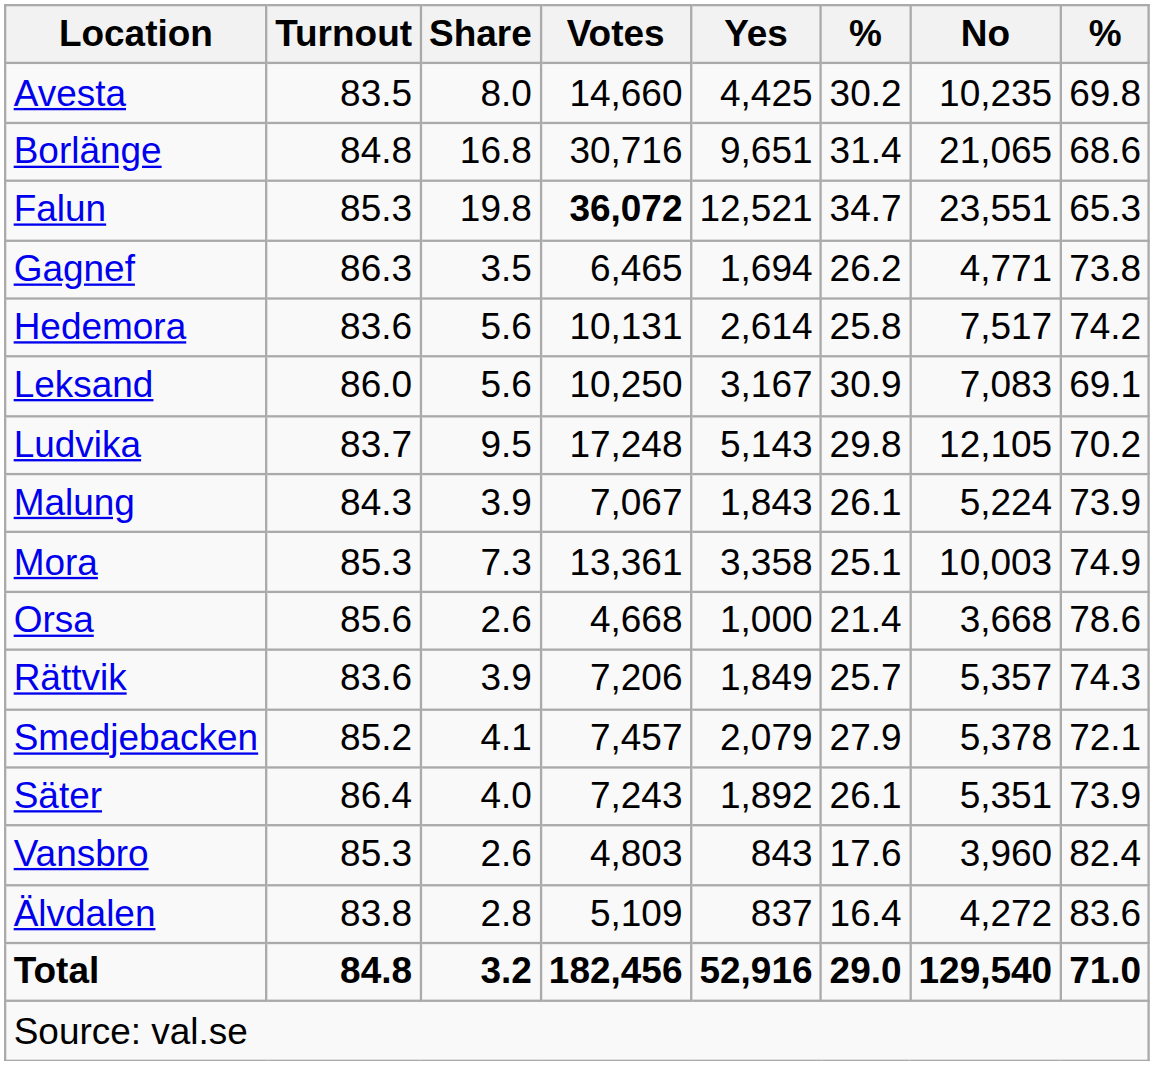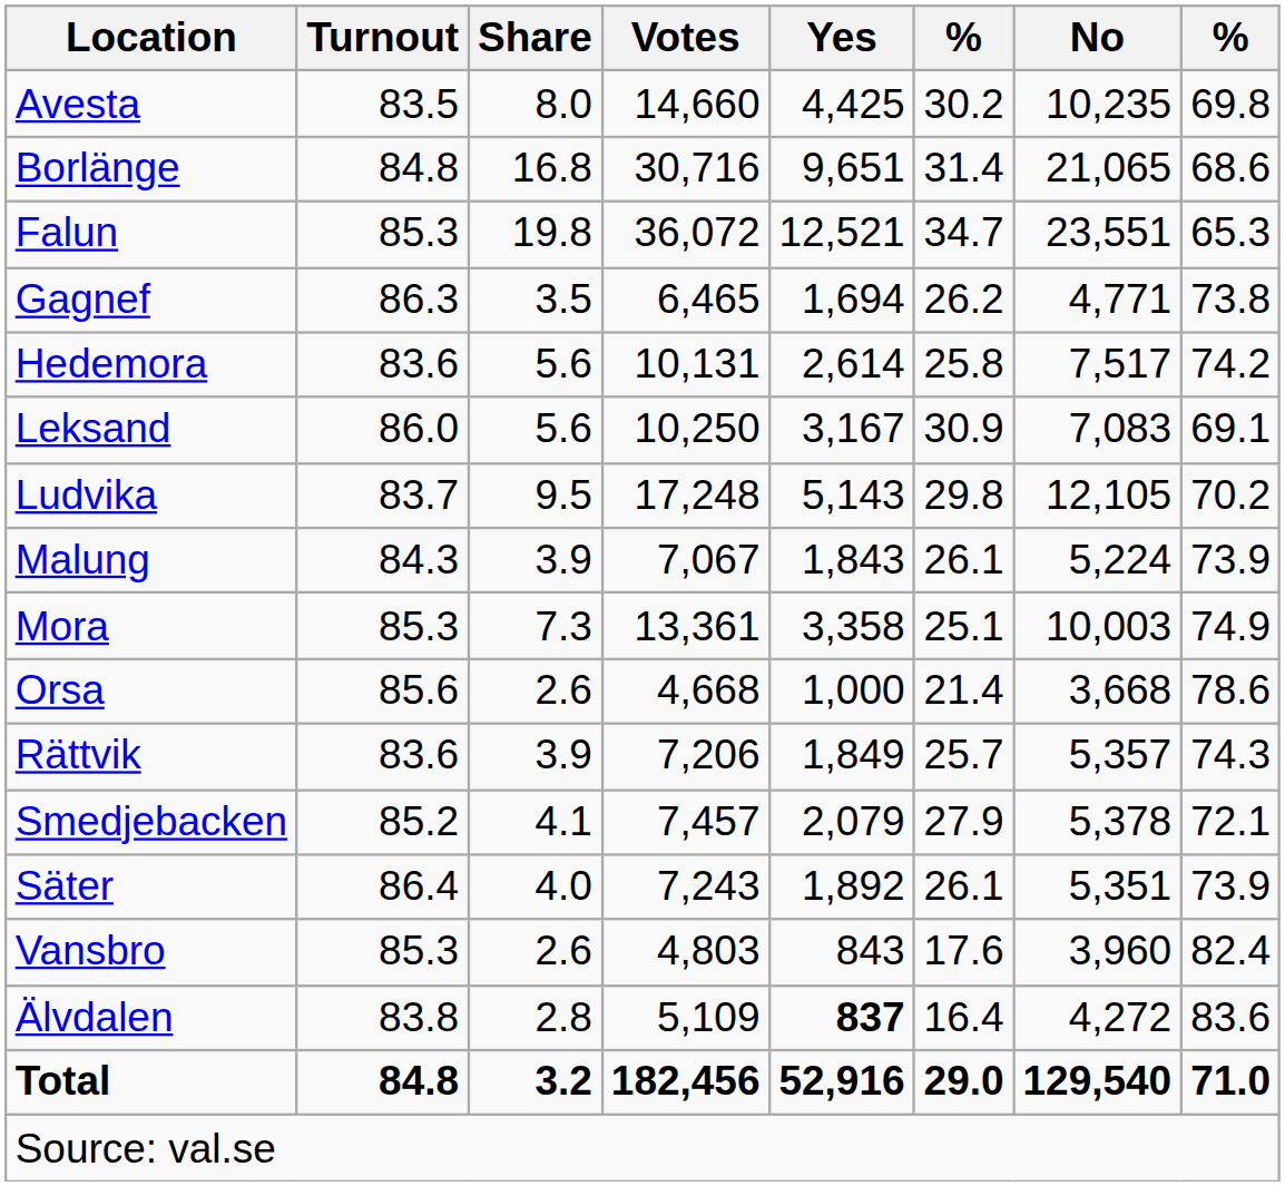 <table class="wikitable sortable" style=text-align:right>
 <tr>
 <th>Location</th>
 <th>Turnout</th>
 <th>Share</th>
 <th>Votes</th>
 <th>Yes</th>
 <th>%</th>
 <th>No</th>
 <th>%</th>
 </tr>
 <tr>
 <td align=left><a href='#'>Avesta</a></td>
 <td>83.5</td>
 <td>8.0</td>
 <td>14,660</td>
 <td>4,425</td>
 <td>30.2</td>
 <td>10,235</td>
 <td>69.8</td>
 </tr>
 <tr>
 <td align=left><a href='#'>Borlänge</a></td>
 <td>84.8</td>
 <td>16.8</td>
 <td>30,716</td>
 <td>9,651</td>
 <td>31.4</td>
 <td>21,065</td>
 <td>68.6</td>
 </tr>
 <tr>
 <td align=left><a href='#'>Falun</a></td>
 <td>85.3</td>
 <td>19.8</td>
-<td><strong>36,072</strong></td>
+<td>36,072</td>
 <td>12,521</td>
 <td>34.7</td>
 <td>23,551</td>
 <td>65.3</td>
 </tr>
 <tr>
 <td align=left><a href='#'>Gagnef</a></td>
 <td>86.3</td>
 <td>3.5</td>
 <td>6,465</td>
 <td>1,694</td>
 <td>26.2</td>
 <td>4,771</td>
 <td>73.8</td>
 </tr>
 <tr>
 <td align=left><a href='#'>Hedemora</a></td>
 <td>83.6</td>
 <td>5.6</td>
 <td>10,131</td>
 <td>2,614</td>
 <td>25.8</td>
 <td>7,517</td>
 <td>74.2</td>
 </tr>
 <tr>
 <td align=left><a href='#'>Leksand</a></td>
 <td>86.0</td>
 <td>5.6</td>
 <td>10,250</td>
 <td>3,167</td>
 <td>30.9</td>
 <td>7,083</td>
 <td>69.1</td>
 </tr>
 <tr>
 <td align=left><a href='#'>Ludvika</a></td>
 <td>83.7</td>
 <td>9.5</td>
 <td>17,248</td>
 <td>5,143</td>
 <td>29.8</td>
 <td>12,105</td>
 <td>70.2</td>
 </tr>
 <tr>
 <td align=left><a href='#'>Malung</a></td>
 <td>84.3</td>
 <td>3.9</td>
 <td>7,067</td>
 <td>1,843</td>
 <td>26.1</td>
 <td>5,224</td>
 <td>73.9</td>
 </tr>
 <tr>
 <td align=left><a href='#'>Mora</a></td>
 <td>85.3</td>
 <td>7.3</td>
 <td>13,361</td>
 <td>3,358</td>
 <td>25.1</td>
 <td>10,003</td>
 <td>74.9</td>
 </tr>
 <tr>
 <td align=left><a href='#'>Orsa</a></td>
 <td>85.6</td>
 <td>2.6</td>
 <td>4,668</td>
 <td>1,000</td>
 <td>21.4</td>
 <td>3,668</td>
 <td>78.6</td>
 </tr>
 <tr>
 <td align=left><a href='#'>Rättvik</a></td>
 <td>83.6</td>
 <td>3.9</td>
 <td>7,206</td>
 <td>1,849</td>
 <td>25.7</td>
 <td>5,357</td>
 <td>74.3</td>
 </tr>
 <tr>
 <td align=left><a href='#'>Smedjebacken</a></td>
 <td>85.2</td>
 <td>4.1</td>
 <td>7,457</td>
 <td>2,079</td>
 <td>27.9</td>
 <td>5,378</td>
 <td>72.1</td>
 </tr>
 <tr>
 <td align=left><a href='#'>Säter</a></td>
 <td>86.4</td>
 <td>4.0</td>
 <td>7,243</td>
 <td>1,892</td>
 <td>26.1</td>
 <td>5,351</td>
 <td>73.9</td>
 </tr>
 <tr>
 <td align=left><a href='#'>Vansbro</a></td>
 <td>85.3</td>
 <td>2.6</td>
 <td>4,803</td>
 <td>843</td>
 <td>17.6</td>
 <td>3,960</td>
 <td>82.4</td>
 </tr>
 <tr>
 <td align=left><a href='#'>Älvdalen</a></td>
 <td>83.8</td>
 <td>2.8</td>
 <td>5,109</td>
-<td>837</td>
+<td><strong>837</strong></td>
 <td>16.4</td>
 <td>4,272</td>
 <td>83.6</td>
 </tr>
 <tr>
 <td align=left><strong>Total</strong></td>
 <td><strong>84.8</strong></td>
 <td><strong>3.2</strong></td>
 <td><strong>182,456</strong></td>
 <td><strong>52,916</strong></td>
 <td><strong>29.0</strong></td>
 <td><strong>129,540</strong></td>
 <td><strong>71.0</strong></td>
 </tr>
 <tr>
 <td align=left colspan=8>Source: val.se </td>
 </tr>
 </table>
